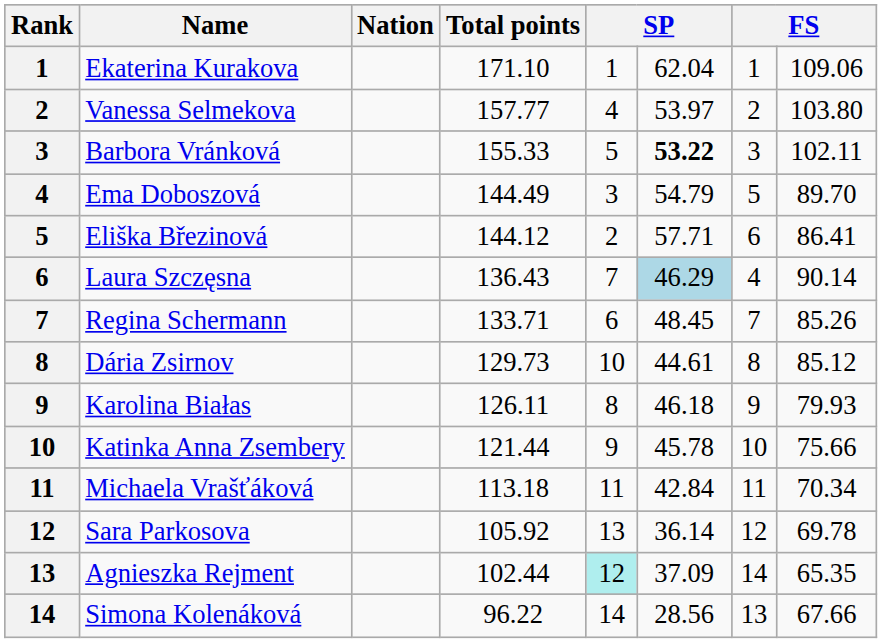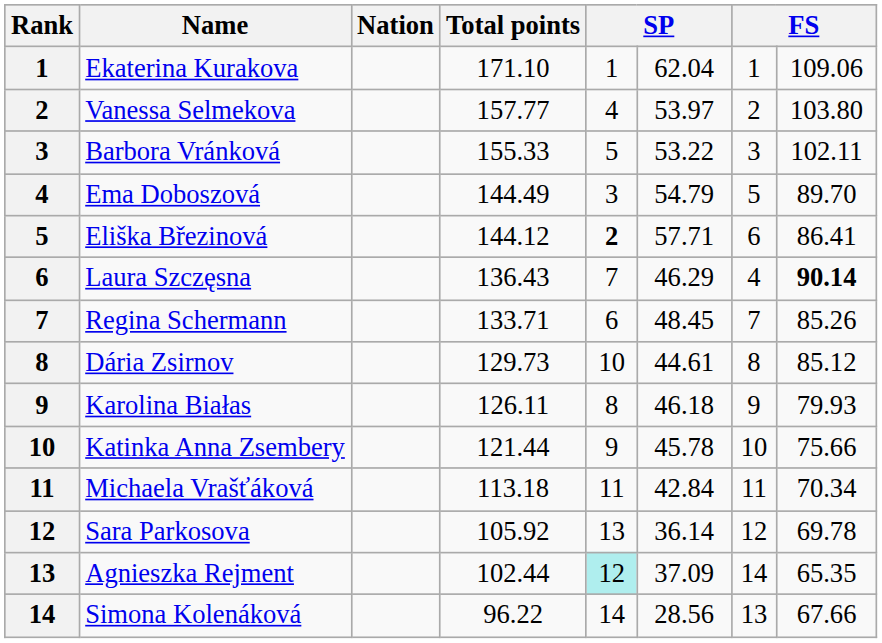 <table class="wikitable sortable">
 <tr>
 <th>Rank</th>
 <th>Name</th>
 <th>Nation</th>
 <th>Total points</th>
 <th colspan=2 width=80px><a href='#'>SP</a></th>
 <th colspan=2 width=80px><a href='#'>FS</a></th>
 </tr>
 <tr>
 <th>1</th>
 <td><a href='#'>Ekaterina Kurakova</a></td>
 <td></td>
 <td align=center>171.10</td>
 <td align=center>1</td>
 <td align=center>62.04</td>
 <td align=center>1</td>
 <td align=center>109.06</td>
 </tr>
 <tr>
 <th>2</th>
 <td><a href='#'>Vanessa Selmekova</a></td>
 <td></td>
 <td align="center">157.77</td>
 <td align="center">4</td>
 <td align="center">53.97</td>
 <td align="center">2</td>
 <td align="center">103.80</td>
 </tr>
 <tr>
 <th>3</th>
 <td><a href='#'>Barbora Vránková</a></td>
 <td></td>
 <td align="center">155.33</td>
 <td align="center">5</td>
-<td align="center"><strong>53.22</strong></td>
+<td align="center">53.22</td>
 <td align="center">3</td>
 <td align="center">102.11</td>
 </tr>
 <tr>
 <th>4</th>
 <td><a href='#'>Ema Doboszová</a></td>
 <td></td>
 <td align="center">144.49</td>
 <td align="center">3</td>
 <td align="center">54.79</td>
 <td align="center">5</td>
 <td align="center">89.70</td>
 </tr>
 <tr>
 <th>5</th>
 <td><a href='#'>Eliška Březinová</a></td>
 <td></td>
 <td align="center">144.12</td>
-<td align="center">2</td>
+<td align="center"><strong>2</strong></td>
 <td align="center">57.71</td>
 <td align="center">6</td>
 <td align="center">86.41</td>
 </tr>
 <tr>
 <th>6</th>
 <td><a href='#'>Laura Szczęsna</a></td>
 <td></td>
 <td align="center">136.43</td>
 <td align="center">7</td>
-<td align="center" style="background: lightblue;">46.29</td>
+<td align="center">46.29</td>
 <td align="center">4</td>
-<td align="center">90.14</td>
+<td align="center"><strong>90.14</strong></td>
 </tr>
 <tr>
 <th>7</th>
 <td><a href='#'>Regina Schermann</a></td>
 <td></td>
 <td align="center">133.71</td>
 <td align="center">6</td>
 <td align="center">48.45</td>
 <td align="center">7</td>
 <td align="center">85.26</td>
 </tr>
 <tr>
 <th>8</th>
 <td><a href='#'>Dária Zsirnov</a></td>
 <td></td>
 <td align="center">129.73</td>
 <td align="center">10</td>
 <td align="center">44.61</td>
 <td align="center">8</td>
 <td align="center">85.12</td>
 </tr>
 <tr>
 <th>9</th>
 <td><a href='#'>Karolina Białas</a></td>
 <td></td>
 <td align="center">126.11</td>
 <td align="center">8</td>
 <td align="center">46.18</td>
 <td align="center">9</td>
 <td align="center">79.93</td>
 </tr>
 <tr>
 <th>10</th>
 <td><a href='#'>Katinka Anna Zsembery</a></td>
 <td></td>
 <td align="center">121.44</td>
 <td align="center">9</td>
 <td align="center">45.78</td>
 <td align="center">10</td>
 <td align="center">75.66</td>
 </tr>
 <tr>
 <th>11</th>
 <td><a href='#'>Michaela Vrašťáková</a></td>
 <td></td>
 <td align="center">113.18</td>
 <td align="center">11</td>
 <td align="center">42.84</td>
 <td align="center">11</td>
 <td align="center">70.34</td>
 </tr>
 <tr>
 <th>12</th>
 <td><a href='#'>Sara Parkosova</a></td>
 <td></td>
 <td align="center">105.92</td>
 <td align="center">13</td>
 <td align="center">36.14</td>
 <td align="center">12</td>
 <td align="center">69.78</td>
 </tr>
 <tr>
 <th>13</th>
 <td><a href='#'>Agnieszka Rejment</a></td>
 <td></td>
 <td align="center">102.44</td>
 <td align="center" style="background: paleturquoise;">12</td>
 <td align="center">37.09</td>
 <td align="center">14</td>
 <td align="center">65.35</td>
 </tr>
 <tr>
 <th>14</th>
 <td><a href='#'>Simona Kolenáková</a></td>
 <td></td>
 <td align="center">96.22</td>
 <td align="center">14</td>
 <td align="center">28.56</td>
 <td align="center">13</td>
 <td align="center">67.66</td>
 </tr>
 </table>
